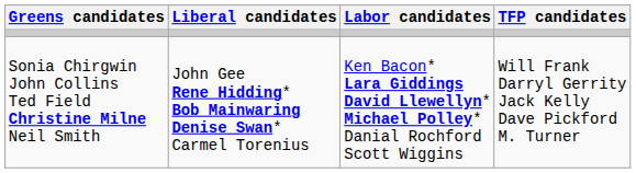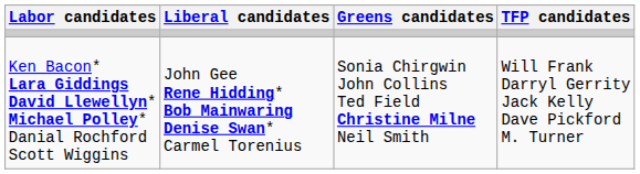 <table class="wikitable">
 <tr>
+<th><a href='#'>Labor</a> candidates</th>
+<th><a href='#'>Liberal</a> candidates</th>
 <th><a href='#'>Greens</a> candidates</th>
-<th><a href='#'>Liberal</a> candidates</th>
-<th><a href='#'>Labor</a> candidates</th>
 <th><a href='#'>TFP</a> candidates</th>
 </tr>
 <tr bgcolor="#cccccc">
 <td></td>
 <td></td>
 <td></td>
 <td></td>
 </tr>
 <tr>
+<td><br><a href='#'>Ken Bacon</a>*<br> <strong><a href='#'>Lara Giddings</a></strong><br> <strong><a href='#'>David Llewellyn</a></strong>*<br> <strong><a href='#'>Michael Polley</a></strong>*<br> Danial Rochford<br> Scott Wiggins</td>
+<td><br>John Gee<br> <strong><a href='#'>Rene Hidding</a></strong>*<br> <strong><a href='#'>Bob Mainwaring</a></strong><br> <strong><a href='#'>Denise Swan</a></strong>*<br> Carmel Torenius</td>
 <td valign=top><br>Sonia Chirgwin<br> John Collins<br> Ted Field<br> <strong><a href='#'>Christine Milne</a></strong><br> Neil Smith</td>
-<td><br>John Gee<br> <strong><a href='#'>Rene Hidding</a></strong>*<br> <strong><a href='#'>Bob Mainwaring</a></strong><br> <strong><a href='#'>Denise Swan</a></strong>*<br> Carmel Torenius</td>
-<td><br><a href='#'>Ken Bacon</a>*<br> <strong><a href='#'>Lara Giddings</a></strong><br> <strong><a href='#'>David Llewellyn</a></strong>*<br> <strong><a href='#'>Michael Polley</a></strong>*<br> Danial Rochford<br> Scott Wiggins</td>
 <td valign=top><br>Will Frank<br> Darryl Gerrity<br> Jack Kelly<br> Dave Pickford<br> M. Turner</td>
 </tr>
 </table>
